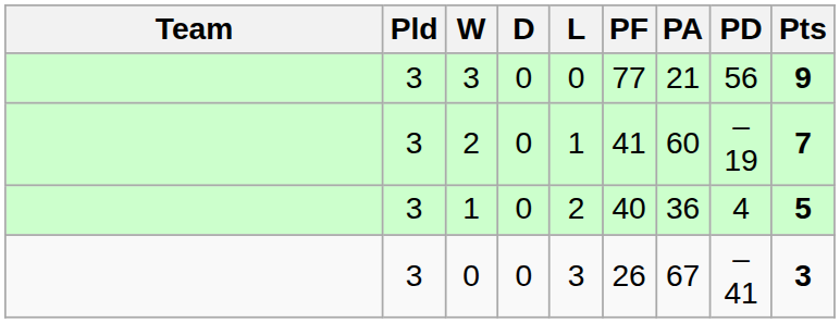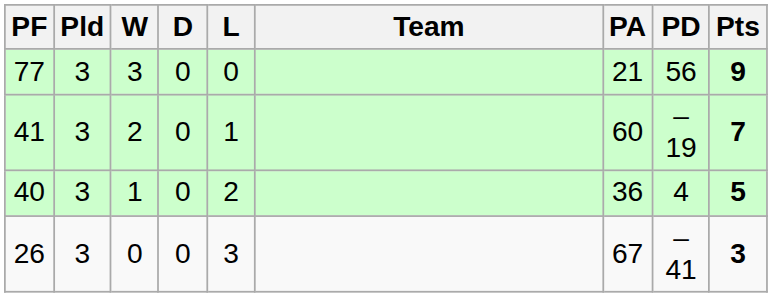 <table class="wikitable" style="text-align:center;">
 <tr>
-<th width="190">Team</th>
+<th width="20" abbr="Points for">PF</th>
 <th width="20" abbr="Played">Pld</th>
 <th width="20" abbr="Won">W</th>
 <th width="20" abbr="Drawn">D</th>
 <th width="20" abbr="Lost">L</th>
-<th width="20" abbr="Points for">PF</th>
+<th width="190">Team</th>
 <th width="20" abbr="Points against">PA</th>
 <th width="25" abbr="Points difference">PD</th>
 <th width="20" abbr="Points">Pts</th>
 </tr>
 <tr style="background:#ccffcc">
-<td align="left"></td>
+<td>77</td>
 <td>3</td>
 <td>3</td>
 <td>0</td>
 <td>0</td>
-<td>77</td>
+<td align="left"></td>
 <td>21</td>
 <td>56</td>
 <td><strong>9</strong></td>
 </tr>
 <tr style="background:#ccffcc">
-<td align="left"></td>
+<td>41</td>
 <td>3</td>
 <td>2</td>
 <td>0</td>
 <td>1</td>
-<td>41</td>
+<td align="left"></td>
 <td>60</td>
 <td>–19</td>
 <td><strong>7</strong></td>
 </tr>
 <tr style="background:#ccffcc">
-<td align="left"></td>
+<td>40</td>
 <td>3</td>
 <td>1</td>
 <td>0</td>
 <td>2</td>
-<td>40</td>
+<td align="left"></td>
 <td>36</td>
 <td>4</td>
 <td><strong>5</strong></td>
 </tr>
 <tr>
-<td align="left"></td>
+<td>26</td>
 <td>3</td>
 <td>0</td>
 <td>0</td>
 <td>3</td>
-<td>26</td>
+<td align="left"></td>
 <td>67</td>
 <td>–41</td>
 <td><strong>3</strong></td>
 </tr>
 </table>
